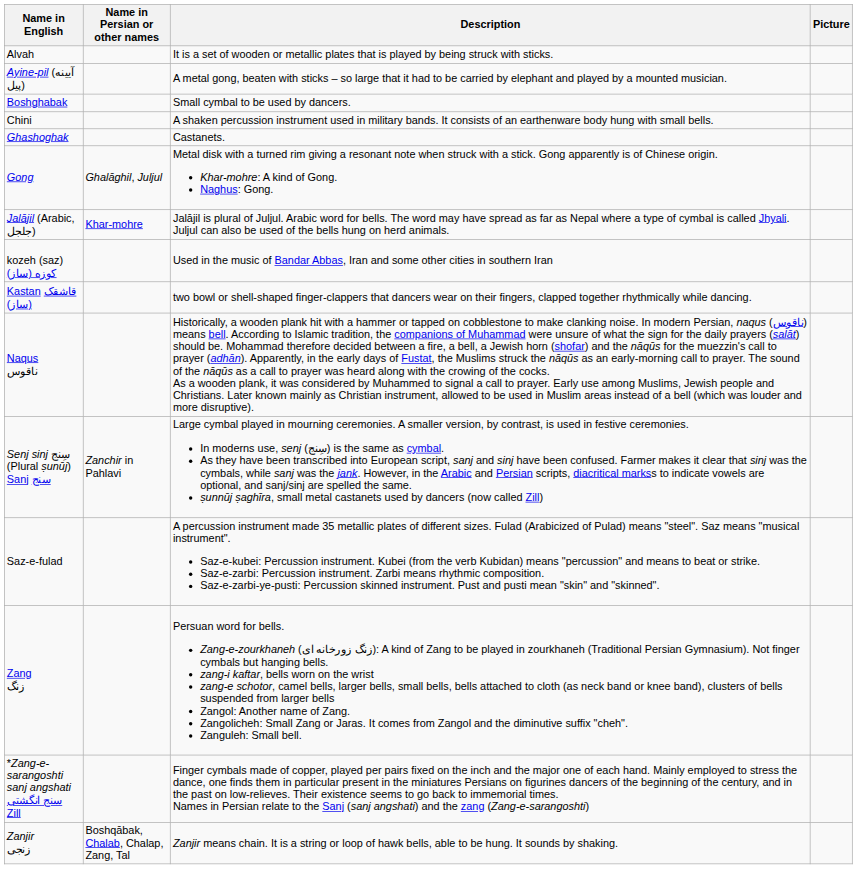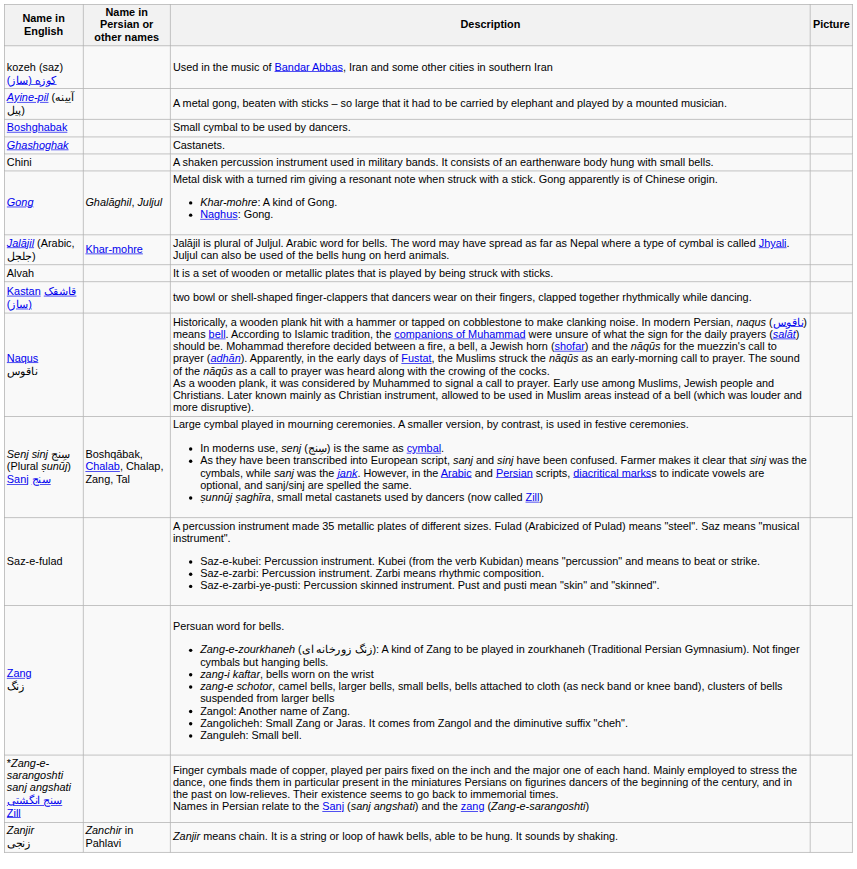 <table class="wikitable">
 <tr>
 <th>Name in English</th>
 <th>Name in Persian or other names</th>
 <th>Description</th>
 <th>Picture</th>
 </tr>
 <tr>
-<td>Alvah</td>
+<td><br>kozeh (saz) <a href='#'>کوزه (ساز)</a></td>
 <td></td>
-<td>It is a set of wooden or metallic plates that is played by being struck with sticks.</td>
+<td>Used in the music of <a href='#'>Bandar Abbas</a>, Iran and some other cities in southern Iran</td>
 <td></td>
 </tr>
 <tr>
 <td><em><a href='#'>Ayine-pil</a></em> (آیینه پیل)</td>
 <td></td>
 <td>A metal gong, beaten with sticks –  so large that it had to be carried by elephant and played by a mounted musician.</td>
 <td></td>
 </tr>
 <tr>
 <td><a href='#'>Boshghabak</a></td>
 <td></td>
 <td>Small cymbal to be used by dancers.</td>
 <td></td>
 </tr>
 <tr>
+<td><em><a href='#'>Ghashoghak</a></em></td>
+<td></td>
+<td>Castanets.</td>
+<td></td>
+</tr>
+<tr>
 <td>Chini</td>
 <td></td>
 <td>A shaken percussion instrument used in military bands. It consists of an earthenware body hung with small bells.</td>
-<td></td>
-</tr>
-<tr>
-<td><em><a href='#'>Ghashoghak</a></em></td>
-<td></td>
-<td>Castanets.</td>
 <td></td>
 </tr>
 <tr>
 <td><em><a href='#'>Gong</a></em></td>
 <td><em>Ghalāghil</em>, <em>Juljul</em></td>
 <td>Metal disk with a turned rim giving a resonant note when struck with a stick. Gong apparently is of Chinese origin.<br><ul><li><em>Khar-mohre</em>: A kind of Gong.</li><li><a href='#'>Naghus</a>: Gong.</li></ul></td>
 <td></td>
 </tr>
 <tr>
 <td><em><a href='#'>Jalājil</a></em> (Arabic, جلجل)</td>
 <td><a href='#'>Khar-mohre</a></td>
 <td>Jalājil is plural of Juljul. Arabic word for bells. The word may have spread as far as Nepal where a type of cymbal is called <a href='#'>Jhyali</a>. Juljul can also be used of the bells hung on herd animals.<br></td>
 <td></td>
 </tr>
 <tr>
-<td><br>kozeh (saz) <a href='#'>کوزه (ساز)</a></td>
+<td>Alvah</td>
 <td></td>
-<td>Used in the music of <a href='#'>Bandar Abbas</a>, Iran and some other cities in southern Iran</td>
+<td>It is a set of wooden or metallic plates that is played by being struck with sticks.</td>
 <td></td>
 </tr>
 <tr>
 <td><a href='#'>Kastan</a> <a href='#'>قاشقک (ساز)</a></td>
 <td></td>
 <td>two bowl or shell-shaped finger-clappers that dancers wear on their fingers, clapped together rhythmically while dancing.</td>
 <td></td>
 </tr>
 <tr>
 <td><a href='#'>Naqus</a><br>ناقوس</td>
 <td></td>
 <td>Historically, a wooden plank hit with a hammer or tapped on cobblestone to make clanking noise. In modern Persian, <em>naqus</em> (<a href='#'>ناقوس</a>) means <a href='#'>bell</a>. According to Islamic tradition, the <a href='#'>companions of Muhammad</a> were unsure of what the sign for the daily prayers (<em><a href='#'>salāt</a></em>) should be. Mohammad therefore decided between a fire, a bell, a Jewish horn (<a href='#'>shofar</a>) and the <em>nāqūs</em> for the muezzin's call to prayer (<em><a href='#'>adhān</a></em>).  Apparently, in the early days of <a href='#'>Fustat</a>, the Muslims struck the <em>nāqūs</em> as an early-morning call to prayer. The sound of the <em>nāqūs</em> as a call to prayer was heard along with the crowing of the cocks.<br>As a wooden plank,  it was considered by Muhammed to signal a call to prayer. Early use among Muslims, Jewish people and Christians. Later known mainly as Christian instrument, allowed to be used in Muslim areas instead of a bell (which was louder and more disruptive).</td>
 <td></td>
 </tr>
 <tr>
 <td><em>Senj</em> <em>sinj</em> سِنج<br>(Plural <em>ṣunūj</em>)<br><a href='#'>Sanj</a> <a href='#'>سنج</a></td>
-<td><em>Zanchir</em> in Pahlavi</td>
+<td>Boshqābak, <a href='#'>Chalab</a>, Chalap, Zang, Tal</td>
 <td>Large cymbal played in mourning ceremonies. A smaller version, by contrast, is used in festive ceremonies.<br><ul><li>In moderns use, <em>senj</em> (سِنج) is the same as <a href='#'>cymbal</a>.</li><li>As they have been transcribed into European script, <em>sanj</em> and <em>sinj</em> have been confused. Farmer makes it clear that <em>sinj</em> was the cymbals, while <em>sanj</em> was the <em><a href='#'>jank</a></em>. However, in the <a href='#'>Arabic</a> and <a href='#'>Persian</a> scripts, <a href='#'>diacritical marks</a>s to indicate vowels are optional, and sanj/sinj are spelled the same.</li><li><em>ṣunnūj ṣaghīra</em>, small metal castanets used by dancers (now called <a href='#'>Zill</a>)</li></ul></td>
 <td><br></td>
 </tr>
 <tr>
 <td>Saz-e-fulad</td>
 <td></td>
 <td>A percussion instrument made 35 metallic plates of different sizes. Fulad (Arabicized of Pulad) means "steel". Saz means "musical instrument".<br><ul><li>Saz-e-kubei: Percussion instrument. Kubei (from the verb Kubidan) means "percussion" and means to beat or strike.</li><li>Saz-e-zarbi: Percussion instrument. Zarbi means rhythmic composition.</li><li>Saz-e-zarbi-ye-pusti: Percussion skinned instrument. Pust and pusti mean "skin" and "skinned".</li></ul></td>
 <td></td>
 </tr>
 <tr>
 <td><a href='#'>Zang</a><br>زنگ</td>
 <td></td>
 <td><br>Persuan word for bells.<ul><li><em>Zang-e-zourkhaneh</em> (زنگ زورخانه ای): A kind of Zang to be played in zourkhaneh (Traditional Persian Gymnasium). Not finger cymbals but hanging bells.</li><li><em>zang-i kaftar</em>, bells worn on the wrist</li><li><em>zang-e schotor</em>, camel bells, larger bells, small bells, bells attached to cloth (as neck band or knee band), clusters of bells suspended from larger bells</li><li>Zangol: Another name of Zang.</li><li>Zangolicheh: Small Zang or Jaras. It comes from Zangol and the diminutive suffix "cheh".</li><li>Zanguleh: Small bell.</li></ul></td>
 <td><br></td>
 </tr>
 <tr>
 <td>*<em>Zang-e-sarangoshti</em><br><em>sanj angshati</em> <a href='#'>سنج انگشتی</a><br><a href='#'>Zill</a></td>
 <td></td>
 <td>Finger cymbals made of copper, played per pairs fixed on the inch and the major one of each hand. Mainly employed to stress the dance, one finds them in particular present in the miniatures Persians on figurines dancers of the beginning of the century, and in the past on low-relieves. Their existence seems to go back to immemorial times.<br>Names in Persian relate to the <a href='#'>Sanj</a> (<em>sanj angshati</em>) and the <a href='#'>zang</a> (<em>Zang-e-sarangoshti</em>)</td>
 <td></td>
 </tr>
 <tr>
 <td><em>Zanjir</em><br>زنجی</td>
-<td>Boshqābak, <a href='#'>Chalab</a>, Chalap, Zang, Tal</td>
+<td><em>Zanchir</em> in Pahlavi</td>
 <td><em>Zanjir</em> means chain. It is a string or loop of hawk bells, able to be hung. It sounds by shaking.<br></td>
 <td></td>
 </tr>
 </table>
